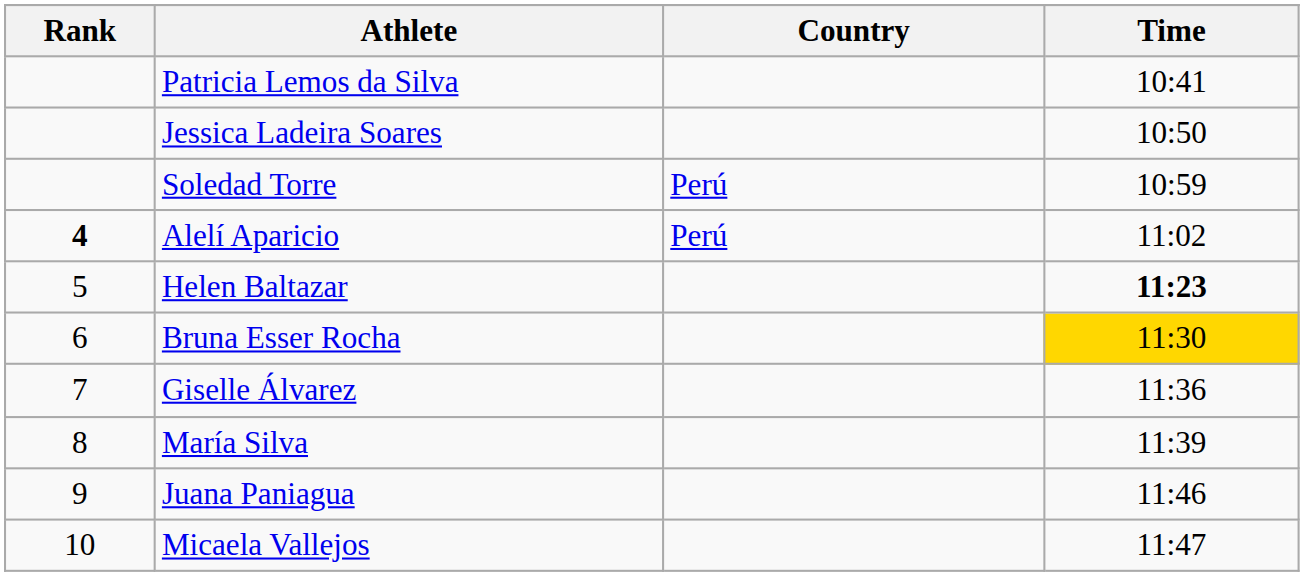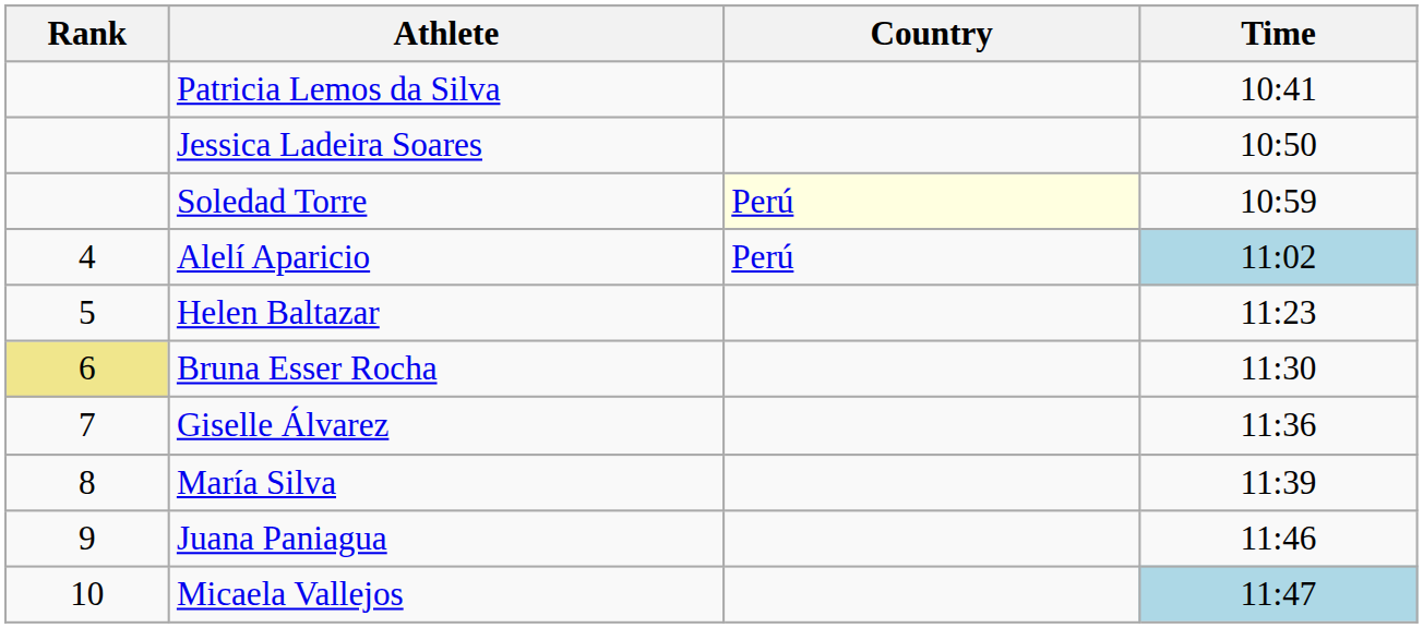 <table class="wikitable sortable" style=" text-align:center; font-size:95%;" width="50%">
 <tr>
 </tr>
 <tr>
 <th width=5%>Rank</th>
 <th width=20%>Athlete</th>
 <th width=15%>Country</th>
 <th width=10%>Time</th>
 </tr>
 <tr>
 <td align=center></td>
 <td align=left><a href='#'>Patricia Lemos da Silva</a></td>
 <td align=left></td>
 <td>10:41</td>
 </tr>
 <tr>
 <td align=center></td>
 <td align=left><a href='#'>Jessica Ladeira Soares</a></td>
 <td align=left></td>
 <td>10:50</td>
 </tr>
 <tr>
 <td align=center></td>
 <td align=left><a href='#'>Soledad Torre</a></td>
-<td align=left> <a href='#'>Perú</a></td>
+<td align=left style="background: lightyellow;"> <a href='#'>Perú</a></td>
 <td>10:59</td>
 </tr>
 <tr>
-<td align=center><strong>4</strong></td>
+<td align=center>4</td>
 <td align=left><a href='#'>Alelí Aparicio</a></td>
 <td align=left> <a href='#'>Perú</a></td>
-<td>11:02</td>
+<td style="background: lightblue;">11:02</td>
 </tr>
 <tr>
 <td align=center>5</td>
 <td align=left><a href='#'>Helen Baltazar</a></td>
 <td align=left></td>
-<td><strong>11:23</strong></td>
+<td>11:23</td>
 </tr>
 <tr>
-<td align=center>6</td>
+<td align=center style="background: khaki;">6</td>
 <td align=left><a href='#'>Bruna Esser Rocha</a></td>
 <td align=left></td>
-<td style="background: gold;">11:30</td>
+<td>11:30</td>
 </tr>
 <tr>
 <td align=center>7</td>
 <td align=left><a href='#'>Giselle Álvarez</a></td>
 <td align=left></td>
 <td>11:36</td>
 </tr>
 <tr>
 <td align=center>8</td>
 <td align=left><a href='#'>María Silva</a></td>
 <td align=left></td>
 <td>11:39</td>
 </tr>
 <tr>
 <td align=center>9</td>
 <td align=left><a href='#'>Juana Paniagua</a></td>
 <td align=left></td>
 <td>11:46</td>
 </tr>
 <tr>
 <td align=center>10</td>
 <td align=left><a href='#'>Micaela Vallejos</a></td>
 <td align=left></td>
-<td>11:47</td>
+<td style="background: lightblue;">11:47</td>
 </tr>
 </table>
